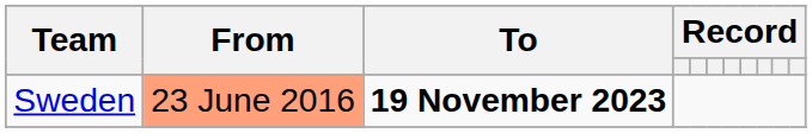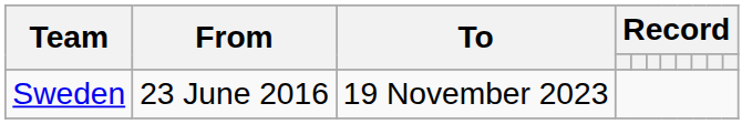 <table class="wikitable" style="text-align: center">
 <tr>
 <th rowspan="2">Team</th>
 <th rowspan="2">From</th>
 <th rowspan="2">To</th>
 <th colspan="8">Record</th>
 </tr>
 <tr>
 <th></th>
 <th></th>
 <th></th>
 <th></th>
 <th></th>
 <th></th>
 <th></th>
 <th></th>
 </tr>
 <tr>
 <td align="left"><a href='#'>Sweden</a></td>
-<td align=left style="background: lightsalmon;">23 June 2016</td>
-<td align=left><strong>19 November 2023<br></strong></td>
+<td align=left>23 June 2016</td>
+<td align=left>19 November 2023<br></td>
 </tr>
 </table>
